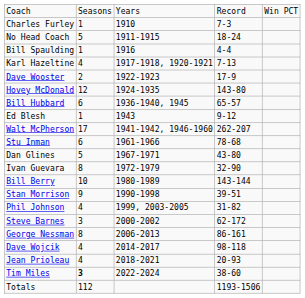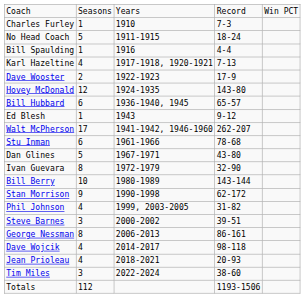 <table class="wikitable">
 <tr>
 <td>Coach</td>
 <td>Seasons</td>
 <td>Years</td>
 <td>Record</td>
 <td>Win PCT</td>
 </tr>
 <tr>
 <td>Charles Furley</td>
 <td>1</td>
 <td>1910</td>
 <td>7-3</td>
 <td></td>
 </tr>
 <tr>
 <td>No Head Coach</td>
 <td>5</td>
 <td>1911-1915</td>
 <td>18-24</td>
 <td></td>
 </tr>
 <tr>
 <td>Bill Spaulding</td>
 <td>1</td>
 <td>1916</td>
 <td>4-4</td>
 <td></td>
 </tr>
 <tr>
 <td>Karl Hazeltine</td>
 <td>4</td>
 <td>1917-1918, 1920-1921</td>
 <td>7-13</td>
 <td></td>
 </tr>
 <tr>
 <td><a href='#'>Dave Wooster</a></td>
 <td>2</td>
 <td>1922-1923</td>
 <td>17-9</td>
 <td></td>
 </tr>
 <tr>
 <td><a href='#'>Hovey McDonald</a></td>
 <td>12</td>
 <td>1924-1935</td>
 <td>143-80</td>
 <td></td>
 </tr>
 <tr>
 <td><a href='#'>Bill Hubbard</a></td>
 <td>6</td>
 <td>1936-1940, 1945</td>
 <td>65-57</td>
 <td></td>
 </tr>
 <tr>
 <td>Ed Blesh</td>
 <td>1</td>
 <td>1943</td>
 <td>9-12</td>
 <td></td>
 </tr>
 <tr>
 <td><a href='#'>Walt McPherson</a></td>
 <td>17</td>
 <td>1941-1942, 1946-1960</td>
 <td>262-207</td>
 <td></td>
 </tr>
 <tr>
 <td><a href='#'>Stu Inman</a></td>
 <td>6</td>
 <td>1961-1966</td>
 <td>78-68</td>
 <td></td>
 </tr>
 <tr>
 <td>Dan Glines</td>
 <td>5</td>
 <td>1967-1971</td>
 <td>43-80</td>
 <td></td>
 </tr>
 <tr>
 <td>Ivan Guevara</td>
 <td>8</td>
 <td>1972-1979</td>
 <td>32-90</td>
 <td></td>
 </tr>
 <tr>
 <td><a href='#'>Bill Berry</a></td>
 <td>10</td>
 <td>1980-1989</td>
 <td>143-144</td>
 <td></td>
 </tr>
 <tr>
 <td><a href='#'>Stan Morrison</a></td>
 <td>9</td>
 <td>1990-1998</td>
-<td>39-51</td>
+<td>62-172</td>
 <td></td>
 </tr>
 <tr>
 <td><a href='#'>Phil Johnson</a></td>
 <td>4</td>
 <td>1999, 2003-2005</td>
 <td>31-82</td>
 <td></td>
 </tr>
 <tr>
 <td><a href='#'>Steve Barnes</a></td>
 <td>3</td>
 <td>2000-2002</td>
-<td>62-172</td>
+<td>39-51</td>
 <td></td>
 </tr>
 <tr>
 <td><a href='#'>George Nessman</a></td>
 <td>8</td>
 <td>2006-2013</td>
 <td>86-161</td>
 <td></td>
 </tr>
 <tr>
 <td><a href='#'>Dave Wojcik</a></td>
 <td>4</td>
 <td>2014-2017</td>
 <td>98-118</td>
 <td></td>
 </tr>
 <tr>
 <td><a href='#'>Jean Prioleau</a></td>
 <td>4</td>
 <td>2018-2021</td>
 <td>20-93</td>
 <td></td>
 </tr>
 <tr>
 <td><a href='#'>Tim Miles</a></td>
-<td><strong>3</strong></td>
+<td>3</td>
 <td>2022-2024</td>
 <td>38-60</td>
 <td></td>
 </tr>
 <tr>
 <td>Totals</td>
 <td>112</td>
 <td></td>
 <td>1193-1506</td>
 <td></td>
 </tr>
 </table>
